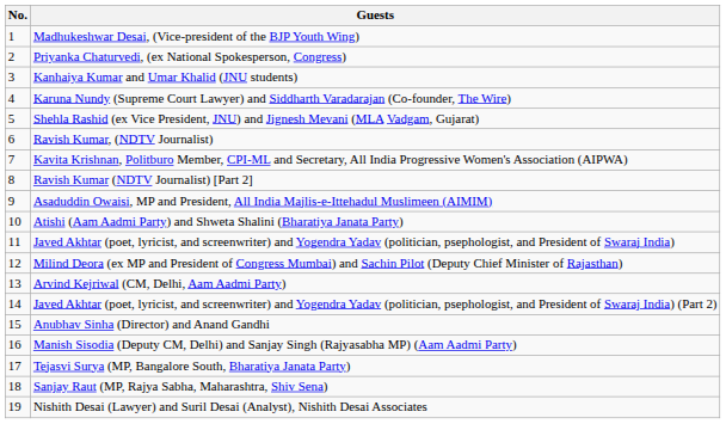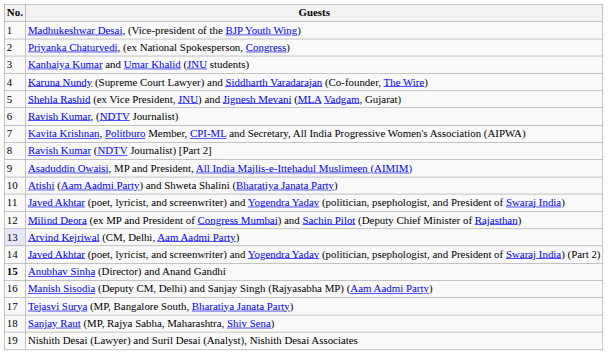 <table class="wikitable">
 <tr>
 <th>No.</th>
 <th>Guests</th>
 </tr>
 <tr>
 <td>1</td>
 <td><a href='#'>Madhukeshwar Desai</a>, (Vice-president of the <a href='#'>BJP Youth Wing</a>)</td>
 </tr>
 <tr>
 <td>2</td>
 <td><a href='#'>Priyanka Chaturvedi</a>, (ex National Spokesperson, <a href='#'>Congress</a>)</td>
 </tr>
 <tr>
 <td>3</td>
 <td><a href='#'>Kanhaiya Kumar</a> and <a href='#'>Umar Khalid</a> (<a href='#'>JNU</a> students)</td>
 </tr>
 <tr>
 <td>4</td>
 <td><a href='#'>Karuna Nundy</a> (Supreme Court Lawyer) and <a href='#'>Siddharth Varadarajan</a> (Co-founder, <a href='#'>The Wire</a>)</td>
 </tr>
 <tr>
 <td>5</td>
 <td><a href='#'>Shehla Rashid</a> (ex Vice President, <a href='#'>JNU</a>) and <a href='#'>Jignesh Mevani</a> (<a href='#'>MLA</a> <a href='#'>Vadgam</a>, Gujarat)</td>
 </tr>
 <tr>
 <td>6</td>
 <td><a href='#'>Ravish Kumar</a>, (<a href='#'>NDTV</a> Journalist)</td>
 </tr>
 <tr>
 <td>7</td>
 <td><a href='#'>Kavita Krishnan</a>, <a href='#'>Politburo</a> Member, <a href='#'>CPI-ML</a> and Secretary, All India Progressive Women's Association (AIPWA)</td>
 </tr>
 <tr>
 <td>8</td>
 <td><a href='#'>Ravish Kumar</a> (<a href='#'>NDTV</a> Journalist) [Part 2]</td>
 </tr>
 <tr>
 <td>9</td>
 <td><a href='#'>Asaduddin Owaisi</a>, MP and President, <a href='#'>All India Majlis-e-Ittehadul Muslimeen (AIMIM)</a></td>
 </tr>
 <tr>
 <td>10</td>
 <td><a href='#'>Atishi</a> (<a href='#'>Aam Aadmi Party</a>) and Shweta Shalini (<a href='#'>Bharatiya Janata Party</a>)</td>
 </tr>
 <tr>
 <td>11</td>
 <td><a href='#'>Javed Akhtar</a> (poet, lyricist, and screenwriter) and <a href='#'>Yogendra Yadav</a> (politician, psephologist, and President of <a href='#'>Swaraj India</a>)</td>
 </tr>
 <tr>
 <td>12</td>
 <td><a href='#'>Milind Deora</a> (ex MP and President of <a href='#'>Congress Mumbai</a>) and <a href='#'>Sachin Pilot</a> (Deputy Chief Minister of <a href='#'>Rajasthan</a>)</td>
 </tr>
 <tr>
-<td>13</td>
+<td style="background: lavender;">13</td>
 <td><a href='#'>Arvind Kejriwal</a> (CM, Delhi, <a href='#'>Aam Aadmi Party</a>)</td>
 </tr>
 <tr>
 <td>14</td>
 <td><a href='#'>Javed Akhtar</a> (poet, lyricist, and screenwriter) and <a href='#'>Yogendra Yadav</a> (politician, psephologist, and President of <a href='#'>Swaraj India</a>) (Part 2)</td>
 </tr>
 <tr>
-<td>15</td>
+<td><strong>15</strong></td>
 <td><a href='#'>Anubhav Sinha</a> (Director) and Anand Gandhi</td>
 </tr>
 <tr>
 <td>16</td>
 <td><a href='#'>Manish Sisodia</a> (Deputy CM, Delhi) and Sanjay Singh (Rajyasabha MP) (<a href='#'>Aam Aadmi Party</a>)</td>
 </tr>
 <tr>
 <td>17</td>
 <td><a href='#'>Tejasvi Surya</a> (MP, Bangalore South, <a href='#'>Bharatiya Janata Party</a>)</td>
 </tr>
 <tr>
 <td>18</td>
 <td><a href='#'>Sanjay Raut</a> (MP, Rajya Sabha, Maharashtra, <a href='#'>Shiv Sena</a>)</td>
 </tr>
 <tr>
 <td>19</td>
 <td>Nishith Desai (Lawyer) and Suril Desai (Analyst), Nishith Desai Associates</td>
 </tr>
 </table>
